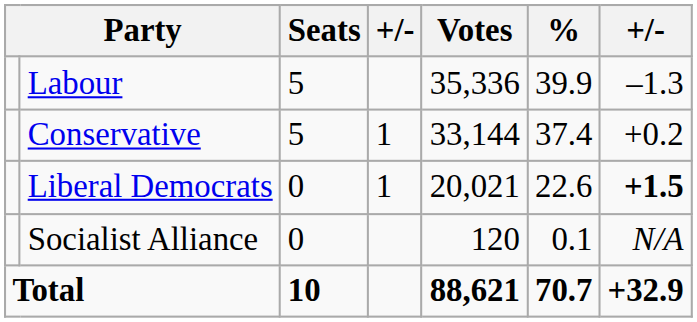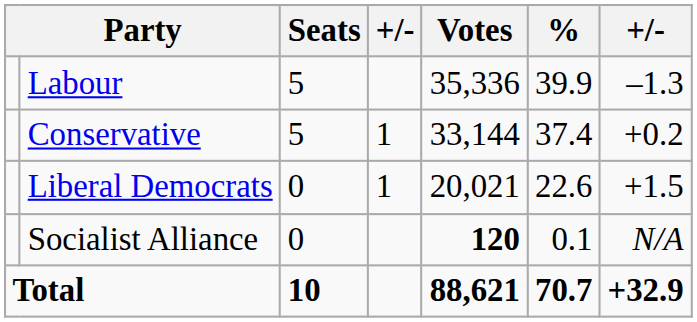 <table class="wikitable sortable">
 <tr>
 <th colspan="2">Party</th>
 <th>Seats</th>
 <th>+/-</th>
 <th>Votes</th>
 <th>%</th>
 <th>+/-</th>
 </tr>
 <tr>
 <td style="background-color: "></td>
 <td><a href='#'>Labour</a></td>
 <td>5</td>
 <td></td>
 <td style="text-align:right;">35,336</td>
 <td style="text-align:right;">39.9</td>
 <td style="text-align:right;">–1.3</td>
 </tr>
 <tr>
 <td style="background-color: "></td>
 <td><a href='#'>Conservative</a></td>
 <td>5</td>
 <td> 1</td>
 <td style="text-align:right;">33,144</td>
 <td style="text-align:right;">37.4</td>
 <td style="text-align:right;">+0.2</td>
 </tr>
 <tr>
 <td style="background-color: "></td>
 <td><a href='#'>Liberal Democrats</a></td>
 <td>0</td>
 <td> 1</td>
 <td style="text-align:right;">20,021</td>
 <td style="text-align:right;">22.6</td>
-<td style="text-align:right;"><strong>+1.5</strong></td>
+<td style="text-align:right;">+1.5</td>
 </tr>
 <tr>
 <td style="background-color: "></td>
 <td>Socialist Alliance</td>
 <td>0</td>
 <td></td>
-<td style="text-align:right;">120</td>
+<td style="text-align:right;"><strong>120</strong></td>
 <td style="text-align:right;">0.1</td>
 <td style="text-align:right;"><em>N/A</em></td>
 </tr>
 <tr>
 <td colspan="2"><strong>Total</strong></td>
 <td><strong>10</strong></td>
 <td></td>
 <td style="text-align:right;"><strong>88,621</strong></td>
 <td style="text-align:right;"><strong>70.7</strong></td>
 <td style="text-align:right;"><strong>+32.9</strong></td>
 </tr>
 </table>
